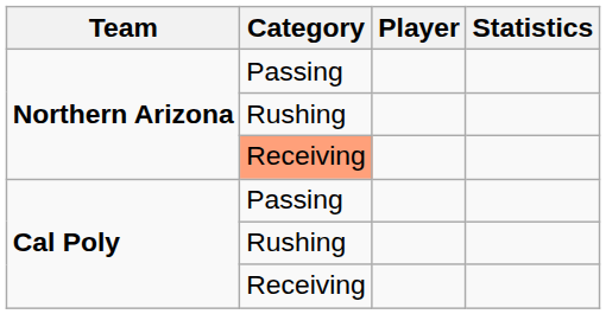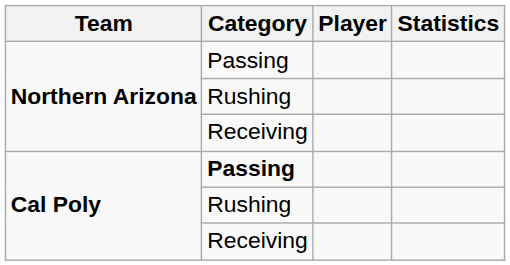 <table class="wikitable" style="float: right;">
 <tr>
 <th>Team</th>
 <th>Category</th>
 <th>Player</th>
 <th>Statistics</th>
 </tr>
 <tr>
 <td rowspan=3><strong>Northern Arizona</strong></td>
 <td>Passing</td>
 <td></td>
 <td></td>
 </tr>
 <tr>
 <td>Rushing</td>
 <td></td>
 <td></td>
 </tr>
 <tr>
-<td style="background: lightsalmon;">Receiving</td>
+<td>Receiving</td>
 <td></td>
 <td></td>
 </tr>
 <tr>
 <td rowspan=3><strong>Cal Poly</strong></td>
-<td>Passing</td>
+<td><strong>Passing</strong></td>
 <td></td>
 <td></td>
 </tr>
 <tr>
 <td>Rushing</td>
 <td></td>
 <td></td>
 </tr>
 <tr>
 <td>Receiving</td>
 <td></td>
 <td></td>
 </tr>
 </table>
